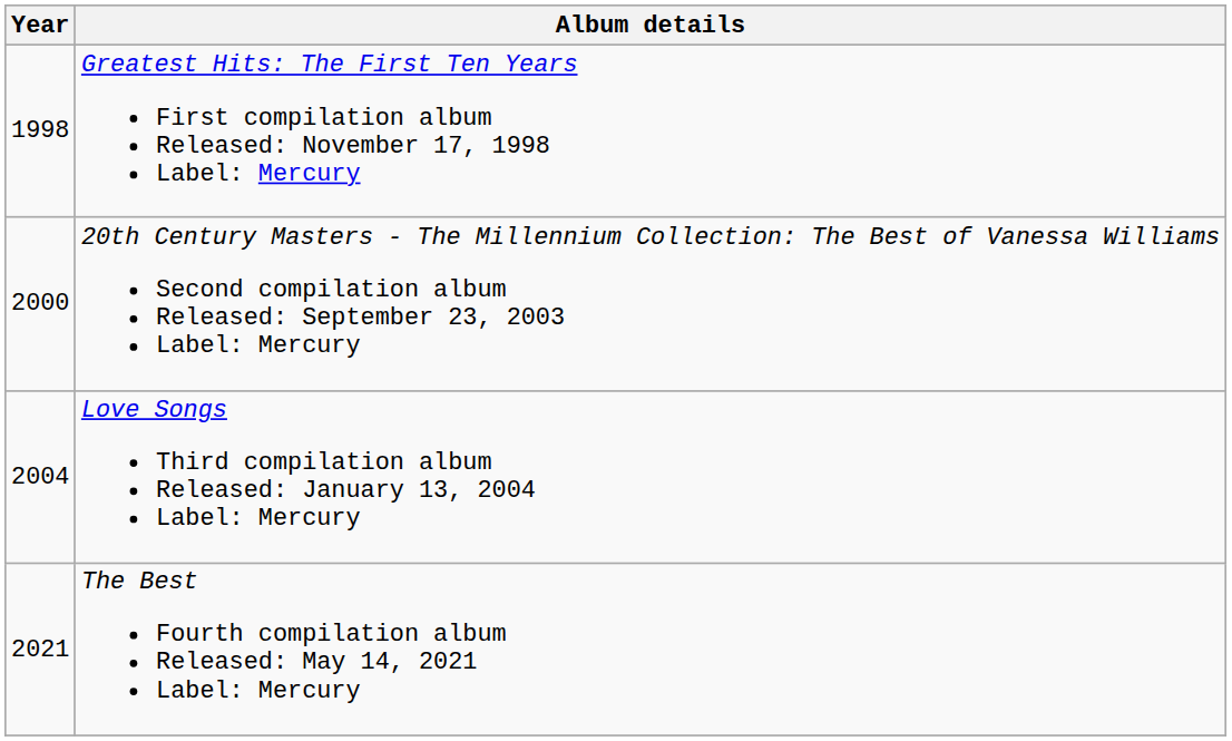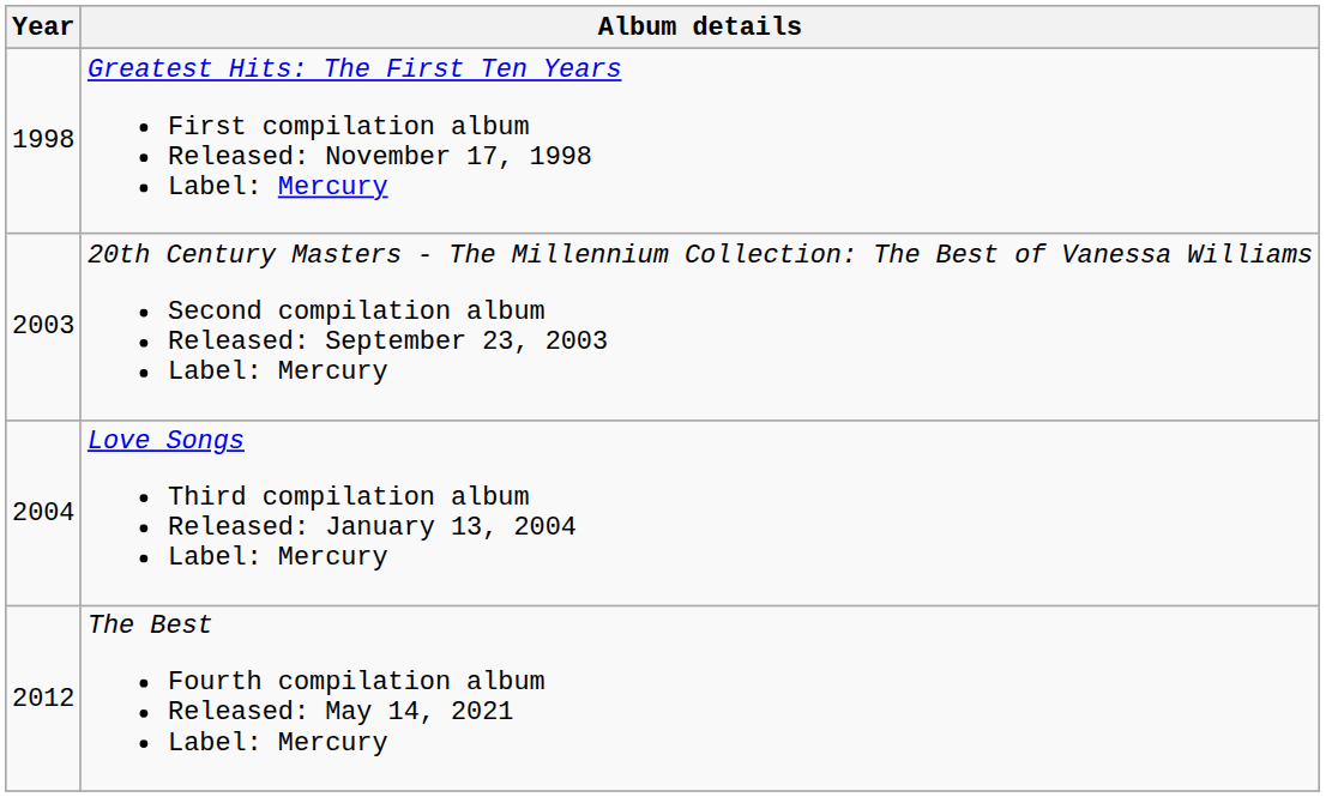 <table class="wikitable plainrowheaders" style="text-align:center;">
 <tr>
 <th>Year</th>
 <th>Album details</th>
 </tr>
 <tr>
 <td>1998</td>
 <td align="left"><em><a href='#'>Greatest Hits: The First Ten Years</a></em><br><ul><li>First compilation album</li><li>Released: November 17, 1998</li><li>Label: <a href='#'>Mercury</a></li></ul></td>
 </tr>
 <tr>
-<td>2000</td>
+<td>2003</td>
 <td align="left"><em>20th Century Masters - The Millennium Collection: The Best of Vanessa Williams</em><br><ul><li>Second compilation album</li><li>Released: September 23, 2003</li><li>Label: Mercury</li></ul></td>
 </tr>
 <tr>
 <td>2004</td>
 <td align="left"><em><a href='#'>Love Songs</a></em><br><ul><li>Third compilation album</li><li>Released: January 13, 2004</li><li>Label: Mercury</li></ul></td>
 </tr>
 <tr>
-<td>2021</td>
+<td>2012</td>
 <td align="left"><em>The Best</em><br><ul><li>Fourth compilation album</li><li>Released: May 14, 2021</li><li>Label: Mercury</li></ul></td>
 </tr>
 </table>
